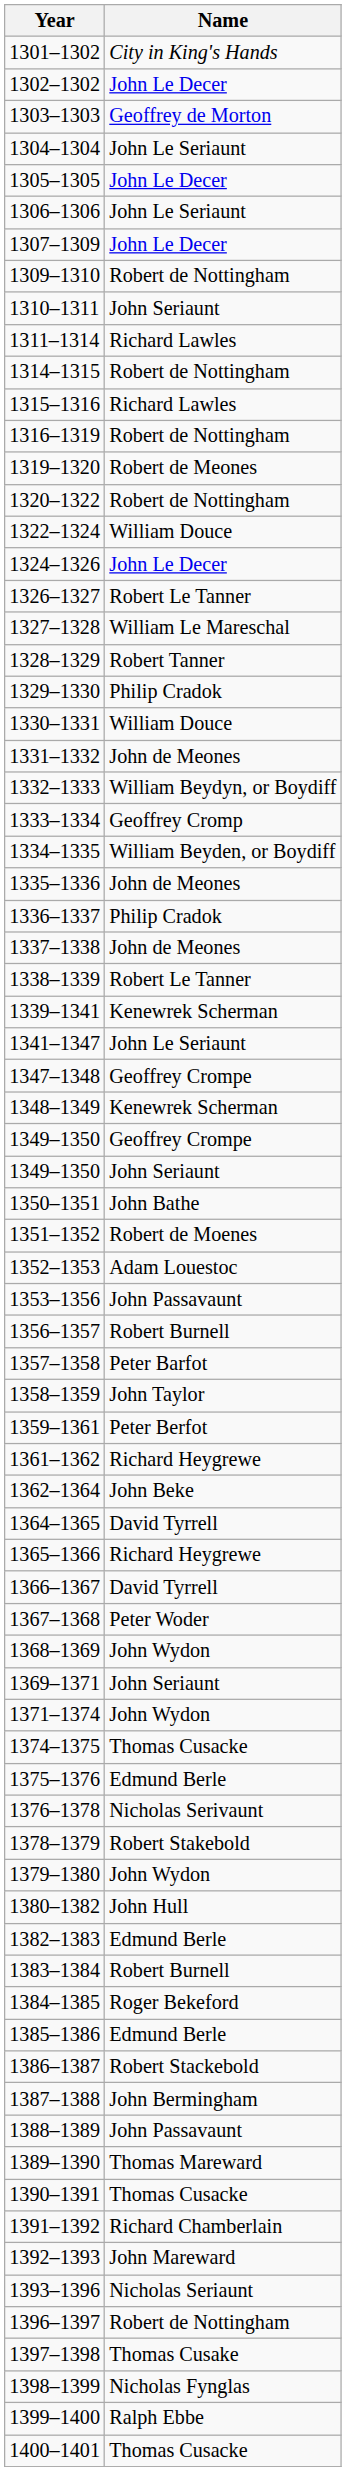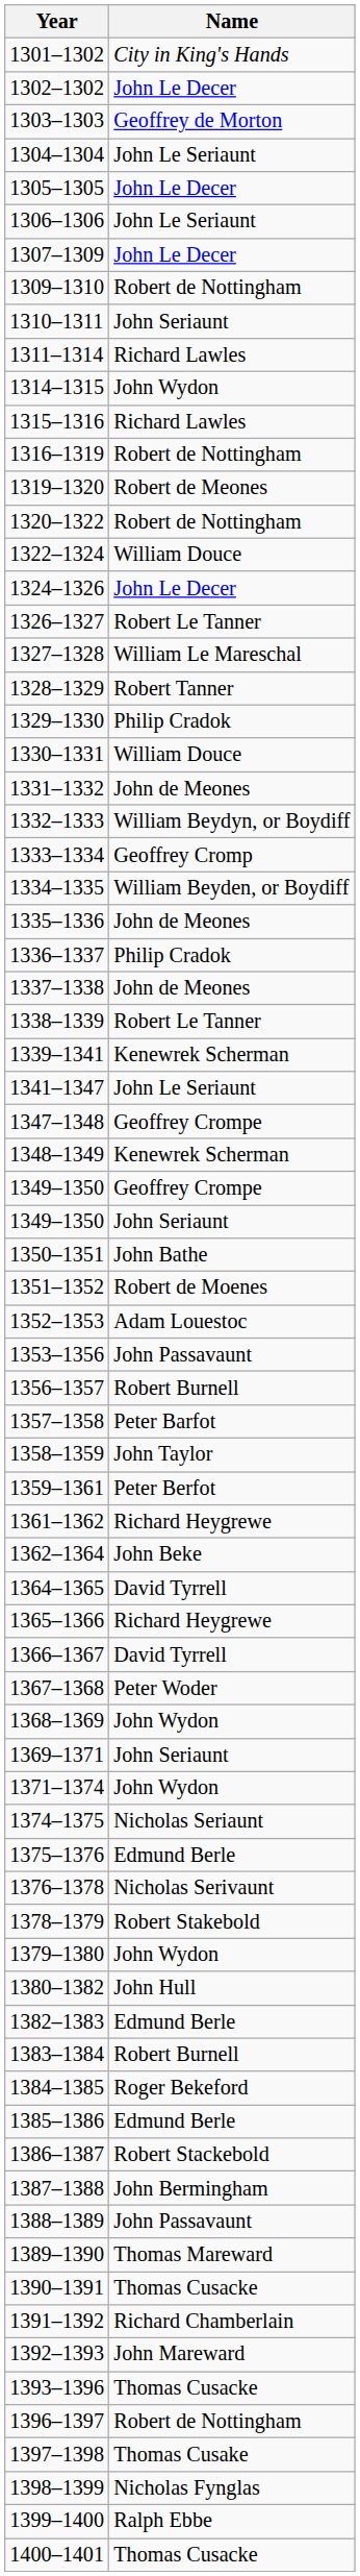 <table class="wikitable">
 <tr>
 <th>Year</th>
 <th>Name</th>
 </tr>
 <tr>
 <td>1301–1302</td>
 <td><em>City in King's Hands</em></td>
 </tr>
 <tr>
 <td>1302–1302</td>
 <td><a href='#'>John Le Decer</a></td>
 </tr>
 <tr>
 <td>1303–1303</td>
 <td><a href='#'>Geoffrey de Morton</a></td>
 </tr>
 <tr>
 <td>1304–1304</td>
 <td>John Le Seriaunt</td>
 </tr>
 <tr>
 <td>1305–1305</td>
 <td><a href='#'>John Le Decer</a></td>
 </tr>
 <tr>
 <td>1306–1306</td>
 <td>John Le Seriaunt</td>
 </tr>
 <tr>
 <td>1307–1309</td>
 <td><a href='#'>John Le Decer</a></td>
 </tr>
 <tr>
 <td>1309–1310</td>
 <td>Robert de Nottingham</td>
 </tr>
 <tr>
 <td>1310–1311</td>
 <td>John Seriaunt</td>
 </tr>
 <tr>
 <td>1311–1314</td>
 <td>Richard Lawles</td>
 </tr>
 <tr>
 <td>1314–1315</td>
-<td>Robert de Nottingham</td>
+<td>John Wydon</td>
 </tr>
 <tr>
 <td>1315–1316</td>
 <td>Richard Lawles</td>
 </tr>
 <tr>
 <td>1316–1319</td>
 <td>Robert de Nottingham</td>
 </tr>
 <tr>
 <td>1319–1320</td>
 <td>Robert de Meones</td>
 </tr>
 <tr>
 <td>1320–1322</td>
 <td>Robert de Nottingham</td>
 </tr>
 <tr>
 <td>1322–1324</td>
 <td>William Douce</td>
 </tr>
 <tr>
 <td>1324–1326</td>
 <td><a href='#'>John Le Decer</a></td>
 </tr>
 <tr>
 <td>1326–1327</td>
 <td>Robert Le Tanner</td>
 </tr>
 <tr>
 <td>1327–1328</td>
 <td>William Le Mareschal</td>
 </tr>
 <tr>
 <td>1328–1329</td>
 <td>Robert Tanner</td>
 </tr>
 <tr>
 <td>1329–1330</td>
 <td>Philip Cradok</td>
 </tr>
 <tr>
 <td>1330–1331</td>
 <td>William Douce</td>
 </tr>
 <tr>
 <td>1331–1332</td>
 <td>John de Meones</td>
 </tr>
 <tr>
 <td>1332–1333</td>
 <td>William Beydyn, or Boydiff</td>
 </tr>
 <tr>
 <td>1333–1334</td>
 <td>Geoffrey Cromp</td>
 </tr>
 <tr>
 <td>1334–1335</td>
 <td>William Beyden, or Boydiff</td>
 </tr>
 <tr>
 <td>1335–1336</td>
 <td>John de Meones</td>
 </tr>
 <tr>
 <td>1336–1337</td>
 <td>Philip Cradok</td>
 </tr>
 <tr>
 <td>1337–1338</td>
 <td>John de Meones</td>
 </tr>
 <tr>
 <td>1338–1339</td>
 <td>Robert Le Tanner</td>
 </tr>
 <tr>
 <td>1339–1341</td>
 <td>Kenewrek Scherman</td>
 </tr>
 <tr>
 <td>1341–1347</td>
 <td>John Le Seriaunt</td>
 </tr>
 <tr>
 <td>1347–1348</td>
 <td>Geoffrey Crompe</td>
 </tr>
 <tr>
 <td>1348–1349</td>
 <td>Kenewrek Scherman</td>
 </tr>
 <tr>
 <td>1349–1350</td>
 <td>Geoffrey Crompe</td>
 </tr>
 <tr>
 <td>1349–1350</td>
 <td>John Seriaunt</td>
 </tr>
 <tr>
 <td>1350–1351</td>
 <td>John Bathe</td>
 </tr>
 <tr>
 <td>1351–1352</td>
 <td>Robert de Moenes</td>
 </tr>
 <tr>
 <td>1352–1353</td>
 <td>Adam Louestoc</td>
 </tr>
 <tr>
 <td>1353–1356</td>
 <td>John Passavaunt</td>
 </tr>
 <tr>
 <td>1356–1357</td>
 <td>Robert Burnell</td>
 </tr>
 <tr>
 <td>1357–1358</td>
 <td>Peter Barfot</td>
 </tr>
 <tr>
 <td>1358–1359</td>
 <td>John Taylor</td>
 </tr>
 <tr>
 <td>1359–1361</td>
 <td>Peter Berfot</td>
 </tr>
 <tr>
 <td>1361–1362</td>
 <td>Richard Heygrewe</td>
 </tr>
 <tr>
 <td>1362–1364</td>
 <td>John Beke</td>
 </tr>
 <tr>
 <td>1364–1365</td>
 <td>David Tyrrell</td>
 </tr>
 <tr>
 <td>1365–1366</td>
 <td>Richard Heygrewe</td>
 </tr>
 <tr>
 <td>1366–1367</td>
 <td>David Tyrrell</td>
 </tr>
 <tr>
 <td>1367–1368</td>
 <td>Peter Woder</td>
 </tr>
 <tr>
 <td>1368–1369</td>
 <td>John Wydon</td>
 </tr>
 <tr>
 <td>1369–1371</td>
 <td>John Seriaunt</td>
 </tr>
 <tr>
 <td>1371–1374</td>
 <td>John Wydon</td>
 </tr>
 <tr>
 <td>1374–1375</td>
-<td>Thomas Cusacke</td>
+<td>Nicholas Seriaunt</td>
 </tr>
 <tr>
 <td>1375–1376</td>
 <td>Edmund Berle</td>
 </tr>
 <tr>
 <td>1376–1378</td>
 <td>Nicholas Serivaunt</td>
 </tr>
 <tr>
 <td>1378–1379</td>
 <td>Robert Stakebold</td>
 </tr>
 <tr>
 <td>1379–1380</td>
 <td>John Wydon</td>
 </tr>
 <tr>
 <td>1380–1382</td>
 <td>John Hull</td>
 </tr>
 <tr>
 <td>1382–1383</td>
 <td>Edmund Berle</td>
 </tr>
 <tr>
 <td>1383–1384</td>
 <td>Robert Burnell</td>
 </tr>
 <tr>
 <td>1384–1385</td>
 <td>Roger Bekeford</td>
 </tr>
 <tr>
 <td>1385–1386</td>
 <td>Edmund Berle</td>
 </tr>
 <tr>
 <td>1386–1387</td>
 <td>Robert Stackebold</td>
 </tr>
 <tr>
 <td>1387–1388</td>
 <td>John Bermingham</td>
 </tr>
 <tr>
 <td>1388–1389</td>
 <td>John Passavaunt</td>
 </tr>
 <tr>
 <td>1389–1390</td>
 <td>Thomas Mareward</td>
 </tr>
 <tr>
 <td>1390–1391</td>
 <td>Thomas Cusacke</td>
 </tr>
 <tr>
 <td>1391–1392</td>
 <td>Richard Chamberlain</td>
 </tr>
 <tr>
 <td>1392–1393</td>
 <td>John Mareward</td>
 </tr>
 <tr>
 <td>1393–1396</td>
-<td>Nicholas Seriaunt</td>
+<td>Thomas Cusacke</td>
 </tr>
 <tr>
 <td>1396–1397</td>
 <td>Robert de Nottingham</td>
 </tr>
 <tr>
 <td>1397–1398</td>
 <td>Thomas Cusake</td>
 </tr>
 <tr>
 <td>1398–1399</td>
 <td>Nicholas Fynglas</td>
 </tr>
 <tr>
 <td>1399–1400</td>
 <td>Ralph Ebbe</td>
 </tr>
 <tr>
 <td>1400–1401</td>
 <td>Thomas Cusacke</td>
 </tr>
 </table>
